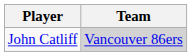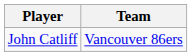 <table class="wikitable">
 <tr>
 <th>Player</th>
 <th>Team</th>
 </tr>
 <tr>
 <td>  <a href='#'>John Catliff</a></td>
-<td style="background: lightgrey;"><a href='#'>Vancouver 86ers</a></td>
+<td><a href='#'>Vancouver 86ers</a></td>
 </tr>
 </table>
